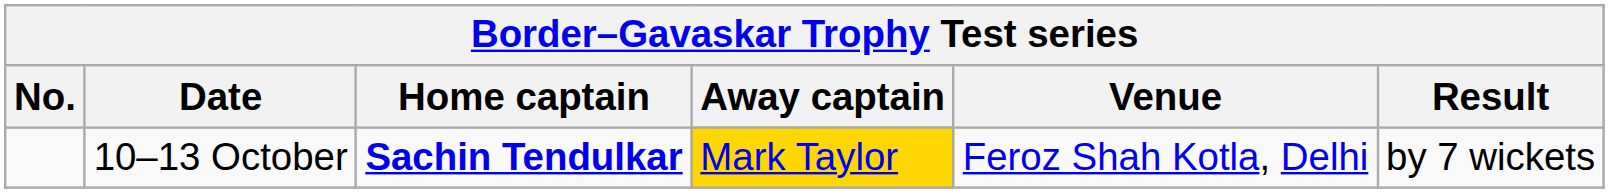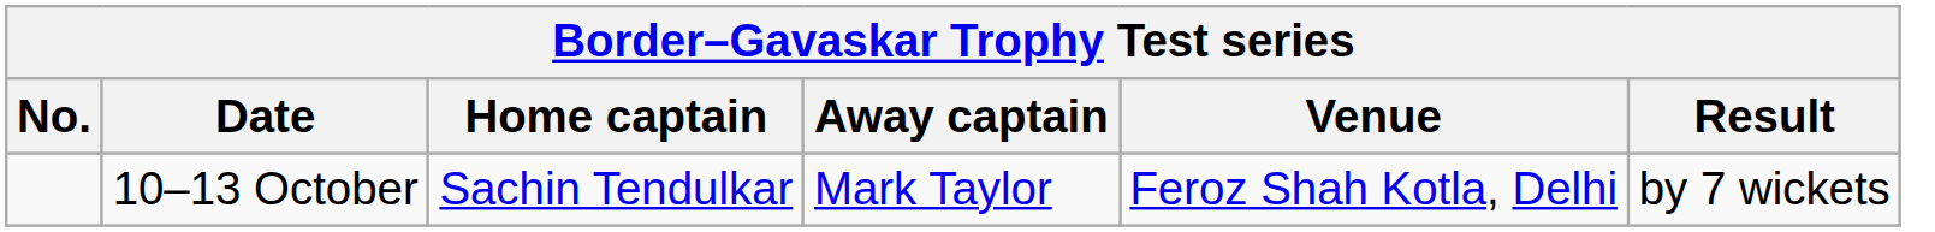 <table class="wikitable">
 <tr>
 <th colspan="9"><a href='#'>Border–Gavaskar Trophy</a> Test series</th>
 </tr>
 <tr>
 <th>No.</th>
 <th>Date</th>
 <th>Home captain</th>
 <th>Away captain</th>
 <th>Venue</th>
 <th>Result</th>
 </tr>
 <tr>
 <td></td>
 <td>10–13 October</td>
-<td><strong><a href='#'>Sachin Tendulkar</a></strong></td>
-<td style="background: gold;"><a href='#'>Mark Taylor</a></td>
+<td><a href='#'>Sachin Tendulkar</a></td>
+<td><a href='#'>Mark Taylor</a></td>
 <td><a href='#'>Feroz Shah Kotla</a>, <a href='#'>Delhi</a></td>
 <td> by 7 wickets</td>
 </tr>
 </table>
